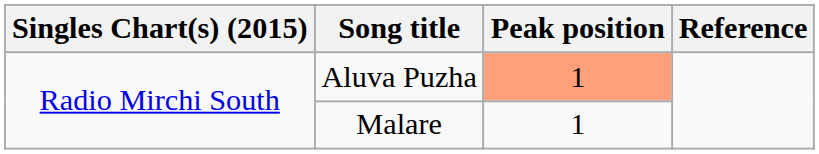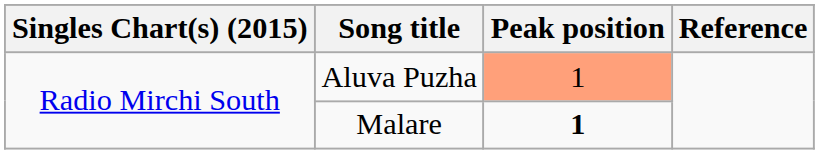 <table class="wikitable sortable plainrowheaders" style="text-align:center">
 <tr>
 <th>Singles Chart(s) (2015)</th>
 <th>Song title</th>
 <th>Peak position</th>
 <th>Reference</th>
 </tr>
 <tr>
 <td rowspan="2"><a href='#'>Radio Mirchi South</a></td>
 <td>Aluva Puzha</td>
 <td style="background: lightsalmon;">1</td>
 <td rowspan="2"></td>
 </tr>
 <tr>
 <td>Malare</td>
-<td>1</td>
+<td><strong>1</strong></td>
 </tr>
 </table>
